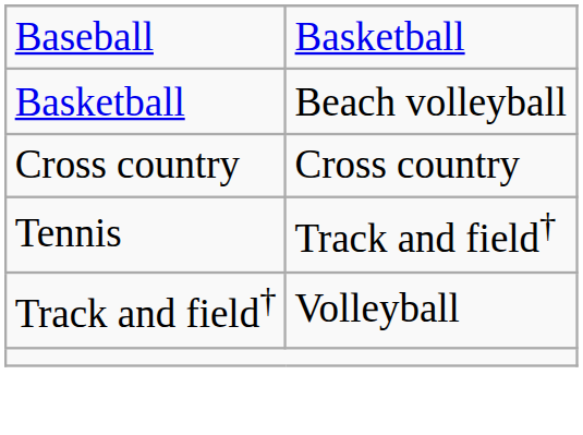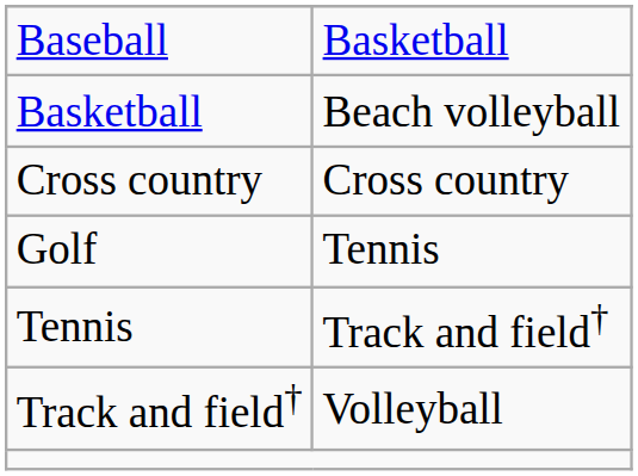 <table class="wikitable" style=" ">
 <tr>
 </tr>
 <tr>
 <td><a href='#'>Baseball</a></td>
 <td><a href='#'>Basketball</a></td>
 </tr>
 <tr>
 <td><a href='#'>Basketball</a></td>
 <td>Beach volleyball</td>
 </tr>
 <tr>
 <td>Cross country</td>
 <td>Cross country</td>
 </tr>
 <tr>
+<td>Golf</td>
+<td>Tennis</td>
+</tr>
+<tr>
 <td>Tennis</td>
 <td>Track and field<sup>†</sup></td>
 </tr>
 <tr>
 <td>Track and field<sup>†</sup></td>
 <td>Volleyball</td>
 </tr>
 <tr>
 <td colspan="2"></td>
 </tr>
 </table>
